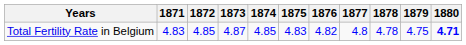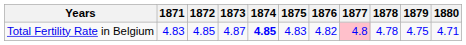 <table class="wikitable " style="text-align:right">
 <tr>
 <th>Years</th>
 <th>1871</th>
 <th>1872</th>
 <th>1873</th>
 <th>1874</th>
 <th>1875</th>
 <th>1876</th>
 <th>1877</th>
 <th>1878</th>
 <th>1879</th>
 <th>1880</th>
 </tr>
 <tr>
 <td align="left"><a href='#'>Total Fertility Rate</a> in Belgium</td>
 <td style="text-align:right; color:blue;">4.83</td>
 <td style="text-align:right; color:blue;">4.85</td>
 <td style="text-align:right; color:blue;">4.87</td>
-<td style="text-align:right; color:blue;">4.85</td>
+<td style="text-align:right; color:blue;"><strong>4.85</strong></td>
 <td style="text-align:right; color:blue;">4.83</td>
 <td style="text-align:right; color:blue;">4.82</td>
-<td style="text-align:right; color:blue;">4.8</td>
+<td style="background: pink; text-align:right; color:blue;">4.8</td>
 <td style="text-align:right; color:blue;">4.78</td>
 <td style="text-align:right; color:blue;">4.75</td>
-<td style="text-align:right; color:blue;"><strong>4.71</strong></td>
+<td style="text-align:right; color:blue;">4.71</td>
 </tr>
 </table>
